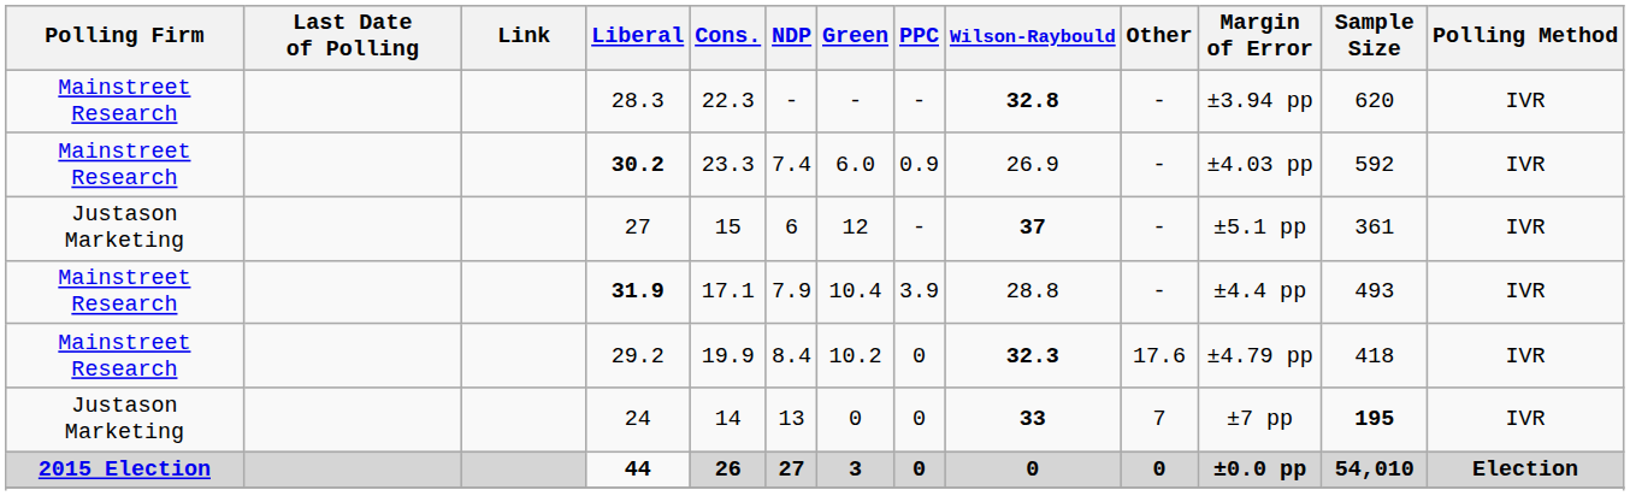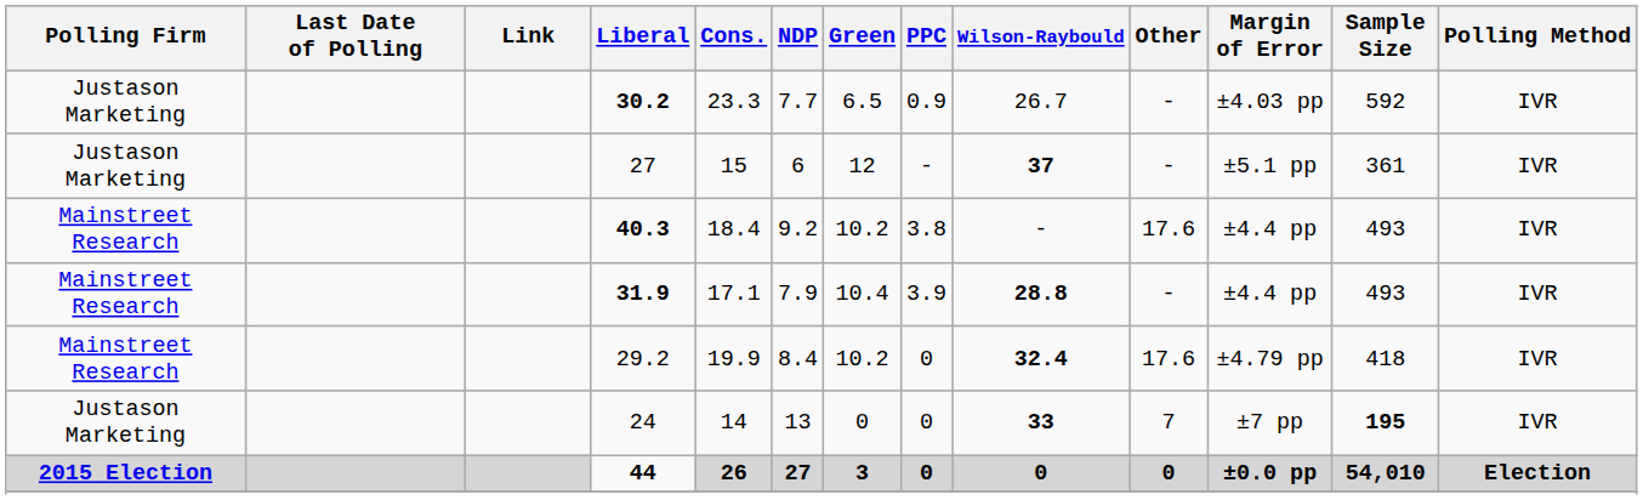 <table class="wikitable sortable" style="text-align:center;font-size:90%;line-height:14px;">
 <tr style="background:#e9e9e9;">
 <th style="width:120px">Polling Firm</th>
 <th style="width:110px">Last Date<br>of Polling</th>
 <th style="width:60px" class="unsortable">Link</th>
 <th style="background-color:"><strong><a href='#'>Liberal</a></strong></th>
 <th style="background-color:"><strong><a href='#'>Cons.</a></strong></th>
 <th style="background-color:"><strong><a href='#'>NDP</a></strong></th>
 <th style="background-color:"><strong><a href='#'>Green</a></strong></th>
 <th style="background-color:"><strong><a href='#'>PPC</a></strong></th>
 <th style="background-color:"><strong><small><a href='#'>Wilson-Raybould</a></small></strong></th>
 <th style="background-color:"><strong>Other</strong></th>
 <th style="width:60px;" class=unsortable>Margin<br>of Error</th>
 <th style="width:50px;" class=unsortable>Sample<br>Size</th>
 <th class=unsortable>Polling Method</th>
 </tr>
 <tr>
-<td><a href='#'>Mainstreet Research</a></td>
-<td></td>
-<td></td>
-<td>28.3</td>
-<td>22.3</td>
-<td>-</td>
-<td>-</td>
-<td>-</td>
-<td><strong>32.8</strong></td>
-<td>-</td>
-<td>±3.94 pp</td>
-<td>620</td>
-<td>IVR</td>
-</tr>
-<tr>
-<td><a href='#'>Mainstreet Research</a></td>
+<td>Justason Marketing</td>
 <td></td>
 <td></td>
 <td><strong>30.2</strong></td>
 <td>23.3</td>
-<td>7.4</td>
-<td>6.0</td>
+<td>7.7</td>
+<td>6.5</td>
 <td>0.9</td>
-<td>26.9</td>
+<td>26.7</td>
 <td>-</td>
 <td>±4.03 pp</td>
 <td>592</td>
 <td>IVR</td>
 </tr>
 <tr>
 <td>Justason Marketing</td>
 <td></td>
 <td></td>
 <td>27</td>
 <td>15</td>
 <td>6</td>
 <td>12</td>
 <td>-</td>
 <td><strong>37</strong></td>
 <td>-</td>
 <td>±5.1 pp</td>
 <td>361</td>
 <td>IVR</td>
 </tr>
 <tr>
 <td><a href='#'>Mainstreet Research</a></td>
 <td></td>
 <td></td>
+<td><strong>40.3</strong></td>
+<td>18.4</td>
+<td>9.2</td>
+<td>10.2</td>
+<td>3.8</td>
+<td>-</td>
+<td>17.6</td>
+<td>±4.4 pp</td>
+<td>493</td>
+<td>IVR</td>
+</tr>
+<tr>
+<td><a href='#'>Mainstreet Research</a></td>
+<td></td>
+<td></td>
 <td><strong>31.9</strong></td>
 <td>17.1</td>
 <td>7.9</td>
 <td>10.4</td>
 <td>3.9</td>
-<td>28.8</td>
+<td><strong>28.8</strong></td>
 <td>-</td>
 <td>±4.4 pp</td>
 <td>493</td>
 <td>IVR</td>
 </tr>
 <tr>
 <td><a href='#'>Mainstreet Research</a></td>
 <td></td>
 <td></td>
 <td>29.2</td>
 <td>19.9</td>
 <td>8.4</td>
 <td>10.2</td>
 <td>0</td>
-<td><strong>32.3</strong></td>
+<td><strong>32.4</strong></td>
 <td>17.6</td>
 <td>±4.79 pp</td>
 <td>418</td>
 <td>IVR</td>
 </tr>
 <tr>
 <td>Justason Marketing</td>
 <td></td>
 <td></td>
 <td>24</td>
 <td>14</td>
 <td>13</td>
 <td>0</td>
 <td>0</td>
 <td><strong>33</strong></td>
 <td>7</td>
 <td>±7 pp</td>
 <td><strong>195</strong></td>
 <td>IVR</td>
 </tr>
 <tr>
 <td style="background:#D5D5D5"><strong><a href='#'>2015 Election</a></strong></td>
 <td style="background:#D5D5D5"><strong></strong></td>
 <td style="background:#D5D5D5"></td>
 <td><strong>44</strong></td>
 <td style="background:#D5D5D5"><strong>26</strong></td>
 <td style="background:#D5D5D5"><strong>27</strong></td>
 <td style="background:#D5D5D5"><strong>3</strong></td>
 <td style="background:#D5D5D5"><strong>0</strong></td>
 <td style="background:#D5D5D5"><strong>0</strong></td>
 <td style="background:#D5D5D5"><strong>0</strong></td>
 <td style="background:#D5D5D5"><strong>±0.0 pp</strong></td>
 <td style="background:#D5D5D5"><strong>54,010</strong></td>
 <td style="background:#D5D5D5"><strong>Election</strong></td>
 </tr>
 <tr>
 </tr>
 <tr>
 </tr>
 </table>
